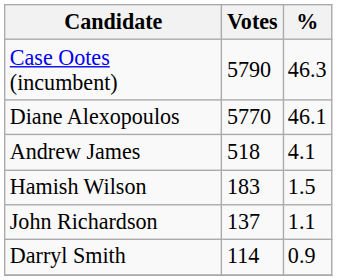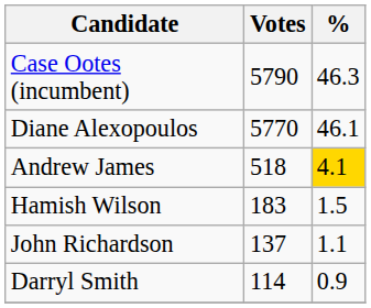 <table class="wikitable">
 <tr>
 <th bgcolor="#DDDDFF" width="150px">Candidate</th>
 <th bgcolor="#DDDDFF">Votes</th>
 <th bgcolor="#DDDDFF">%</th>
 </tr>
 <tr>
 <td><a href='#'>Case Ootes</a> (incumbent)</td>
 <td>5790</td>
 <td>46.3</td>
 </tr>
 <tr>
 <td>Diane Alexopoulos</td>
 <td>5770</td>
 <td>46.1</td>
 </tr>
 <tr>
 <td>Andrew James</td>
 <td>518</td>
-<td>4.1</td>
+<td style="background: gold;">4.1</td>
 </tr>
 <tr>
 <td>Hamish Wilson</td>
 <td>183</td>
 <td>1.5</td>
 </tr>
 <tr>
 <td>John Richardson</td>
 <td>137</td>
 <td>1.1</td>
 </tr>
 <tr>
 <td>Darryl Smith</td>
 <td>114</td>
 <td>0.9</td>
 </tr>
 <tr>
 </tr>
 </table>
